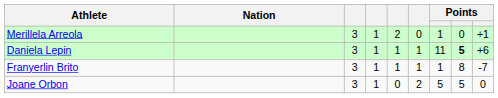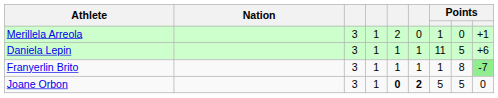 <table class="wikitable" style="text-align: center; font-size:100% ">
 <tr>
 <th rowspan=2 width=250>Athlete</th>
 <th rowspan=2 width=250>Nation</th>
 <th rowspan=2 width=25></th>
 <th rowspan=2 width=25></th>
 <th rowspan=2 width=25></th>
 <th rowspan=2 width=25></th>
 <th colspan=3>Points</th>
 </tr>
 <tr>
 <th width=25></th>
 <th width=25></th>
 <th width=25></th>
 </tr>
 <tr bgcolor="ccffcc">
 <td align=left><a href='#'>Merillela Arreola</a></td>
 <td align=left></td>
 <td>3</td>
 <td>1</td>
 <td>2</td>
 <td>0</td>
 <td>1</td>
 <td>0</td>
 <td>+1</td>
 </tr>
 <tr bgcolor="ccffcc">
 <td align=left><a href='#'>Daniela Lepin</a></td>
 <td align=left></td>
 <td>3</td>
 <td>1</td>
 <td>1</td>
 <td>1</td>
 <td>11</td>
-<td><strong>5</strong></td>
+<td>5</td>
 <td>+6</td>
 </tr>
 <tr>
 <td align=left><a href='#'>Franyerlin Brito</a></td>
 <td align=left></td>
 <td>3</td>
 <td>1</td>
 <td>1</td>
 <td>1</td>
 <td>1</td>
 <td>8</td>
-<td>-7</td>
+<td style="background: lightgreen;">-7</td>
 </tr>
 <tr>
 <td align=left><a href='#'>Joane Orbon</a></td>
 <td align=left></td>
 <td>3</td>
 <td>1</td>
-<td>0</td>
-<td>2</td>
+<td><strong>0</strong></td>
+<td><strong>2</strong></td>
 <td>5</td>
 <td>5</td>
 <td>0</td>
 </tr>
 </table>
